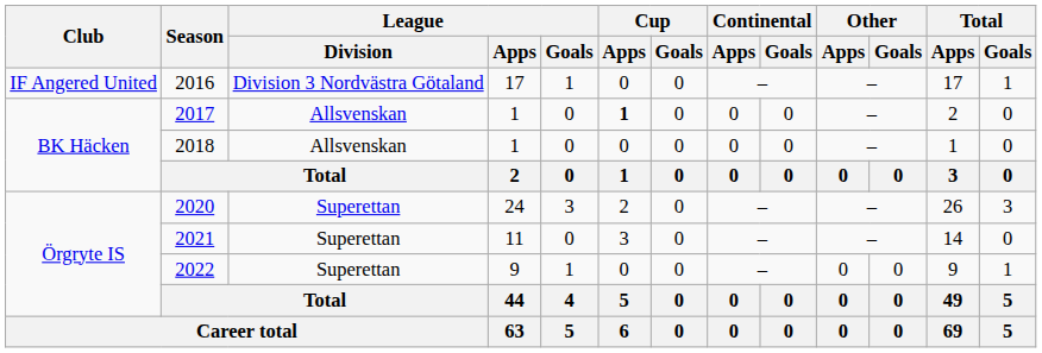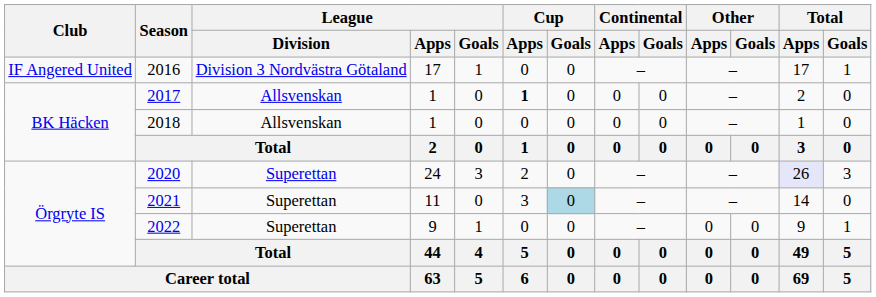 <table class="wikitable" style="text-align: center;">
 <tr>
 <th rowspan="2">Club</th>
 <th rowspan="2">Season</th>
 <th colspan="3">League</th>
 <th colspan="2">Cup</th>
 <th colspan="2">Continental</th>
 <th colspan="2">Other</th>
 <th colspan="2">Total</th>
 </tr>
 <tr>
 <th>Division</th>
 <th>Apps</th>
 <th>Goals</th>
 <th>Apps</th>
 <th>Goals</th>
 <th>Apps</th>
 <th>Goals</th>
 <th>Apps</th>
 <th>Goals</th>
 <th>Apps</th>
 <th>Goals</th>
 </tr>
 <tr>
 <td><a href='#'>IF Angered United</a></td>
 <td>2016</td>
 <td><a href='#'>Division 3 Nordvästra Götaland</a></td>
 <td>17</td>
 <td>1</td>
 <td>0</td>
 <td>0</td>
 <td colspan="2">–</td>
 <td colspan="2">–</td>
 <td>17</td>
 <td>1</td>
 </tr>
 <tr>
 <td rowspan="3" align="center"><a href='#'>BK Häcken</a></td>
 <td><a href='#'>2017</a></td>
 <td align="center"><a href='#'>Allsvenskan</a></td>
 <td>1</td>
 <td>0</td>
 <td><strong>1</strong></td>
 <td>0</td>
 <td>0</td>
 <td>0</td>
 <td colspan="2">–</td>
 <td>2</td>
 <td>0</td>
 </tr>
 <tr>
 <td>2018</td>
 <td>Allsvenskan</td>
 <td>1</td>
 <td>0</td>
 <td>0</td>
 <td>0</td>
 <td>0</td>
 <td>0</td>
 <td colspan="2">–</td>
 <td>1</td>
 <td>0</td>
 </tr>
 <tr>
 <th colspan="2">Total</th>
 <th>2</th>
 <th>0</th>
 <th>1</th>
 <th>0</th>
 <th>0</th>
 <th>0</th>
 <th>0</th>
 <th>0</th>
 <th>3</th>
 <th>0</th>
 </tr>
 <tr>
 <td rowspan="4"><a href='#'>Örgryte IS</a></td>
 <td><a href='#'>2020</a></td>
 <td><a href='#'>Superettan</a></td>
 <td>24</td>
 <td>3</td>
 <td>2</td>
 <td>0</td>
 <td colspan="2">–</td>
 <td colspan="2">–</td>
-<td>26</td>
+<td style="background: lavender;">26</td>
 <td>3</td>
 </tr>
 <tr>
 <td><a href='#'>2021</a></td>
 <td>Superettan</td>
 <td>11</td>
 <td>0</td>
 <td>3</td>
-<td>0</td>
+<td style="background: lightblue;">0</td>
 <td colspan="2">–</td>
 <td colspan="2">–</td>
 <td>14</td>
 <td>0</td>
 </tr>
 <tr>
 <td><a href='#'>2022</a></td>
 <td>Superettan</td>
 <td>9</td>
 <td>1</td>
 <td>0</td>
 <td>0</td>
 <td colspan="2">–</td>
 <td>0</td>
 <td>0</td>
 <td>9</td>
 <td>1</td>
 </tr>
 <tr>
 <th colspan="2">Total</th>
 <th>44</th>
 <th>4</th>
 <th>5</th>
 <th>0</th>
 <th>0</th>
 <th>0</th>
 <th>0</th>
 <th>0</th>
 <th>49</th>
 <th>5</th>
 </tr>
 <tr>
 <th colspan="3">Career total</th>
 <th>63</th>
 <th>5</th>
 <th>6</th>
 <th>0</th>
 <th>0</th>
 <th>0</th>
 <th>0</th>
 <th>0</th>
 <th>69</th>
 <th>5</th>
 </tr>
 </table>
